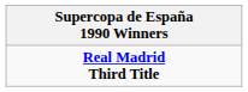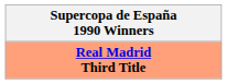 <table class="wikitable" style="text-align: center; margin: 0 auto; width: 20%">
 <tr>
 <th>Supercopa de España <br>1990 Winners</th>
 </tr>
 <tr>
-<td><strong> <a href='#'>Real Madrid</a></strong><br><strong>Third Title</strong></td>
+<td style="background: lightsalmon;"><strong> <a href='#'>Real Madrid</a></strong><br><strong>Third Title</strong></td>
 </tr>
 </table>
